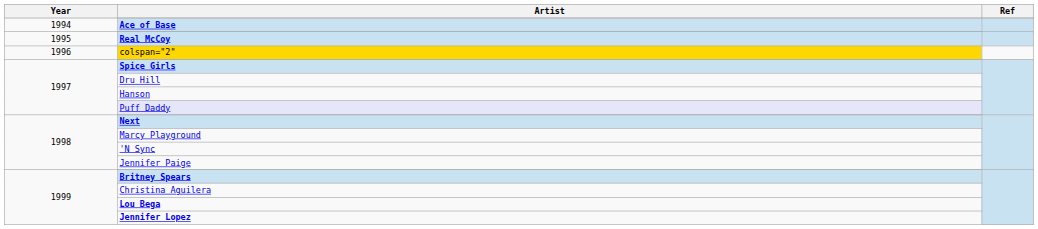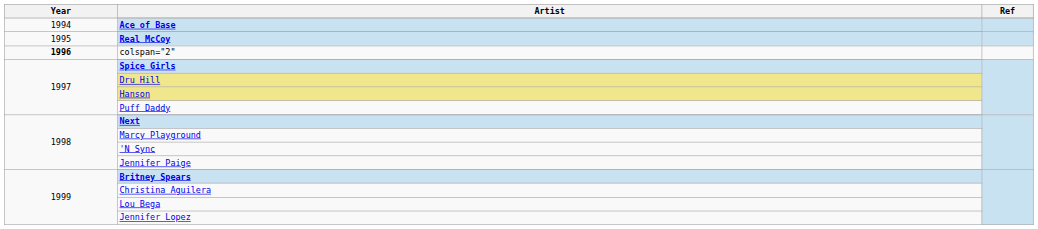 <table class="wikitable" style="width:100%;">
 <tr style="background:#bebebe;">
 <th style="width:11%;">Year</th>
 <th style="width:84%;">Artist</th>
 <th style="width:5%;">Ref</th>
 </tr>
 <tr>
 <td rowspan="2" align="center">1994</td>
 </tr>
 <tr style="background:#c9e2f2">
 <td><strong><a href='#'>Ace of Base</a></strong></td>
 <td rowspan="2" align="center"></td>
 </tr>
 <tr>
 <td rowspan="2" align="center">1995</td>
 </tr>
 <tr style="background:#c9e2f2">
 <td><strong><a href='#'>Real McCoy</a></strong></td>
 <td align="center"></td>
 </tr>
 <tr>
-<td align="center">1996</td>
-<td style="background: gold;">colspan="2" </td>
+<td align="center"><strong>1996</strong></td>
+<td>colspan="2" </td>
 </tr>
 <tr>
 <td rowspan="5" align="center">1997</td>
 </tr>
 <tr style="background:#c9e2f2">
 <td><strong><a href='#'>Spice Girls</a></strong></td>
 <td rowspan="5" align="center"></td>
 </tr>
 <tr>
-<td><a href='#'>Dru Hill</a></td>
+<td style="background: khaki;"><a href='#'>Dru Hill</a></td>
 </tr>
 <tr>
-<td><a href='#'>Hanson</a></td>
+<td style="background: khaki;"><a href='#'>Hanson</a></td>
 </tr>
 <tr>
-<td style="background: lavender;"><a href='#'>Puff Daddy</a></td>
+<td><a href='#'>Puff Daddy</a></td>
 </tr>
 <tr>
 <td rowspan="5" align="center">1998</td>
 </tr>
 <tr style="background:#c9e2f2">
 <td><strong><a href='#'>Next</a></strong></td>
 <td rowspan="5" align="center"></td>
 </tr>
 <tr>
 <td><a href='#'>Marcy Playground</a></td>
 </tr>
 <tr>
 <td><a href='#'>'N Sync</a></td>
 </tr>
 <tr>
 <td><a href='#'>Jennifer Paige</a></td>
 </tr>
 <tr>
 <td rowspan="5" align="center">1999</td>
 </tr>
 <tr style="background:#c9e2f2">
 <td><strong><a href='#'>Britney Spears</a></strong></td>
 <td rowspan="5" align="center"></td>
 </tr>
 <tr>
 <td><a href='#'>Christina Aguilera</a></td>
 </tr>
 <tr>
-<td><strong><a href='#'>Lou Bega</a></strong></td>
+<td><a href='#'>Lou Bega</a></td>
 </tr>
 <tr>
-<td><strong><a href='#'>Jennifer Lopez</a></strong></td>
+<td><a href='#'>Jennifer Lopez</a></td>
 </tr>
 </table>
